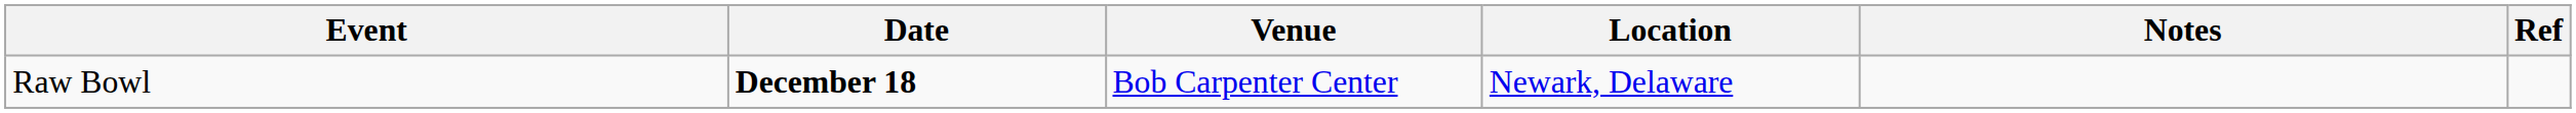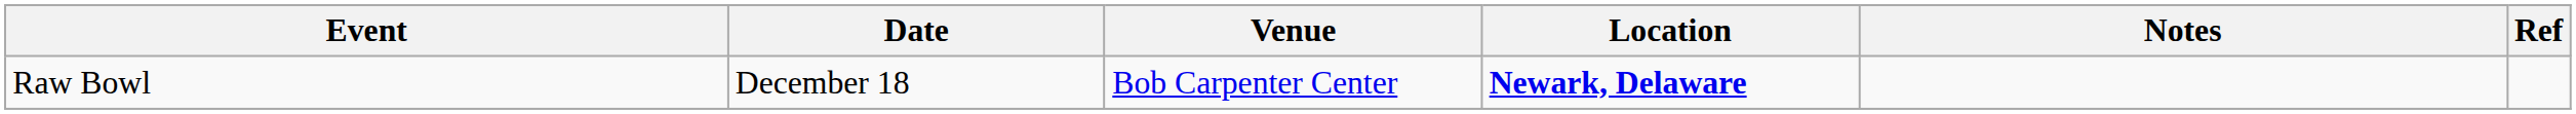 <table class="wikitable plainrowheaders sortable" style="width:100%;">
 <tr>
 <th style="width:29%;">Event</th>
 <th style="width:15%;">Date</th>
 <th style="width:15%;">Venue</th>
 <th style="width:15%;">Location</th>
 <th style="width:99%;">Notes</th>
 <th style="width:99%;">Ref</th>
 </tr>
 <tr>
 <td>Raw Bowl</td>
-<td><strong>December 18<br></strong></td>
+<td>December 18<br></td>
 <td><a href='#'>Bob Carpenter Center</a></td>
-<td><a href='#'>Newark, Delaware</a></td>
+<td><strong><a href='#'>Newark, Delaware</a></strong></td>
 <td></td>
 </tr>
 <tr>
 </tr>
 </table>
